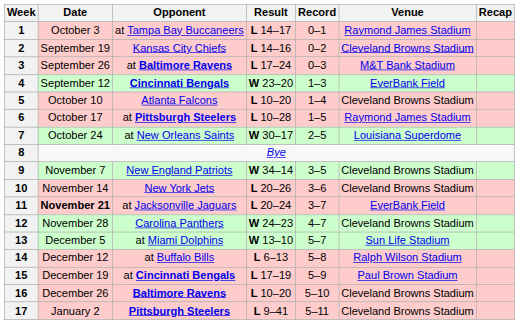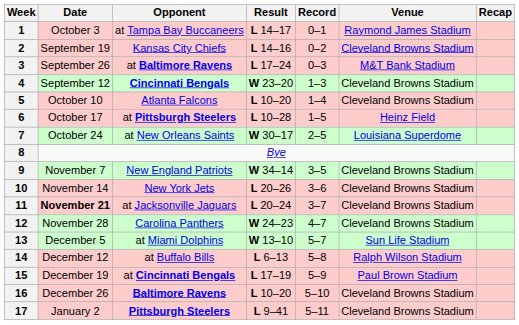 <table class="wikitable" style="text-align:center">
 <tr>
 <th>Week</th>
 <th>Date</th>
 <th>Opponent</th>
 <th>Result</th>
 <th>Record</th>
 <th>Venue</th>
 <th>Recap</th>
 </tr>
 <tr style="background:#fcc">
 <th>1</th>
 <td>October 3</td>
 <td>at <a href='#'>Tampa Bay Buccaneers</a></td>
 <td><strong>L</strong> 14–17</td>
 <td>0–1</td>
 <td><a href='#'>Raymond James Stadium</a></td>
 <td></td>
 </tr>
 <tr style="background:#fcc">
 <th>2</th>
 <td>September 19</td>
 <td><a href='#'>Kansas City Chiefs</a></td>
 <td><strong>L</strong> 14–16</td>
 <td>0–2</td>
 <td><a href='#'>Cleveland Browns Stadium</a></td>
 <td></td>
 </tr>
 <tr style="background:#fcc">
 <th>3</th>
 <td>September 26</td>
 <td>at <strong><a href='#'>Baltimore Ravens</a></strong></td>
 <td><strong>L</strong> 17–24</td>
 <td>0–3</td>
 <td><a href='#'>M&T Bank Stadium</a></td>
 <td></td>
 </tr>
 <tr style="background:#cfc">
 <th>4</th>
 <td>September 12</td>
 <td><strong><a href='#'>Cincinnati Bengals</a></strong></td>
 <td><strong>W</strong> 23–20</td>
 <td>1–3</td>
-<td><a href='#'>EverBank Field</a></td>
+<td>Cleveland Browns Stadium</td>
 <td></td>
 </tr>
 <tr style="background:#fcc">
 <th>5</th>
 <td>October 10</td>
 <td><a href='#'>Atlanta Falcons</a></td>
 <td><strong>L</strong> 10–20</td>
 <td>1–4</td>
 <td>Cleveland Browns Stadium</td>
 <td></td>
 </tr>
 <tr style="background:#fcc">
 <th>6</th>
 <td>October 17</td>
 <td>at <strong><a href='#'>Pittsburgh Steelers</a></strong></td>
 <td><strong>L</strong> 10–28</td>
 <td>1–5</td>
-<td><a href='#'>Raymond James Stadium</a></td>
+<td><a href='#'>Heinz Field</a></td>
 <td></td>
 </tr>
 <tr style="background:#cfc">
 <th>7</th>
 <td>October 24</td>
 <td>at <a href='#'>New Orleans Saints</a></td>
 <td><strong>W</strong> 30–17</td>
 <td>2–5</td>
 <td><a href='#'>Louisiana Superdome</a></td>
 <td></td>
 </tr>
 <tr>
 <th>8</th>
 <td colspan="6"><em><a href='#'>Bye</a></em></td>
 </tr>
 <tr style="background:#cfc">
 <th>9</th>
 <td>November 7</td>
 <td><a href='#'>New England Patriots</a></td>
 <td><strong>W</strong> 34–14</td>
 <td>3–5</td>
 <td>Cleveland Browns Stadium</td>
 <td></td>
 </tr>
 <tr style="background:#fcc">
 <th>10</th>
 <td>November 14</td>
 <td><a href='#'>New York Jets</a></td>
 <td><strong>L</strong> 20–26 </td>
 <td>3–6</td>
 <td>Cleveland Browns Stadium</td>
 <td></td>
 </tr>
 <tr style="background:#fcc">
 <th>11</th>
 <td><strong>November 21</strong></td>
 <td>at <a href='#'>Jacksonville Jaguars</a></td>
 <td><strong>L</strong> 20–24</td>
 <td>3–7</td>
-<td><a href='#'>EverBank Field</a></td>
+<td>Cleveland Browns Stadium</td>
 <td></td>
 </tr>
 <tr style="background:#cfc">
 <th>12</th>
 <td>November 28</td>
 <td><a href='#'>Carolina Panthers</a></td>
 <td><strong>W</strong> 24–23</td>
 <td>4–7</td>
 <td>Cleveland Browns Stadium</td>
 <td></td>
 </tr>
 <tr style="background:#cfc">
 <th>13</th>
 <td>December 5</td>
 <td>at <a href='#'>Miami Dolphins</a></td>
 <td><strong>W</strong> 13–10</td>
 <td>5–7</td>
 <td><a href='#'>Sun Life Stadium</a></td>
 <td></td>
 </tr>
 <tr style="background:#fcc">
 <th>14</th>
 <td>December 12</td>
 <td>at <a href='#'>Buffalo Bills</a></td>
 <td><strong>L</strong> 6–13</td>
 <td>5–8</td>
 <td><a href='#'>Ralph Wilson Stadium</a></td>
 <td></td>
 </tr>
 <tr style="background:#fcc">
 <th>15</th>
 <td>December 19</td>
 <td>at <strong><a href='#'>Cincinnati Bengals</a></strong></td>
 <td><strong>L</strong> 17–19</td>
 <td>5–9</td>
 <td><a href='#'>Paul Brown Stadium</a></td>
 <td></td>
 </tr>
 <tr style="background:#fcc">
 <th>16</th>
 <td>December 26</td>
 <td><strong><a href='#'>Baltimore Ravens</a></strong></td>
 <td><strong>L</strong> 10–20</td>
 <td>5–10</td>
 <td>Cleveland Browns Stadium</td>
 <td></td>
 </tr>
 <tr style="background:#fcc">
 <th>17</th>
 <td>January 2</td>
 <td><strong><a href='#'>Pittsburgh Steelers</a></strong></td>
 <td><strong>L</strong> 9–41</td>
 <td>5–11</td>
 <td>Cleveland Browns Stadium</td>
 <td></td>
 </tr>
 </table>
